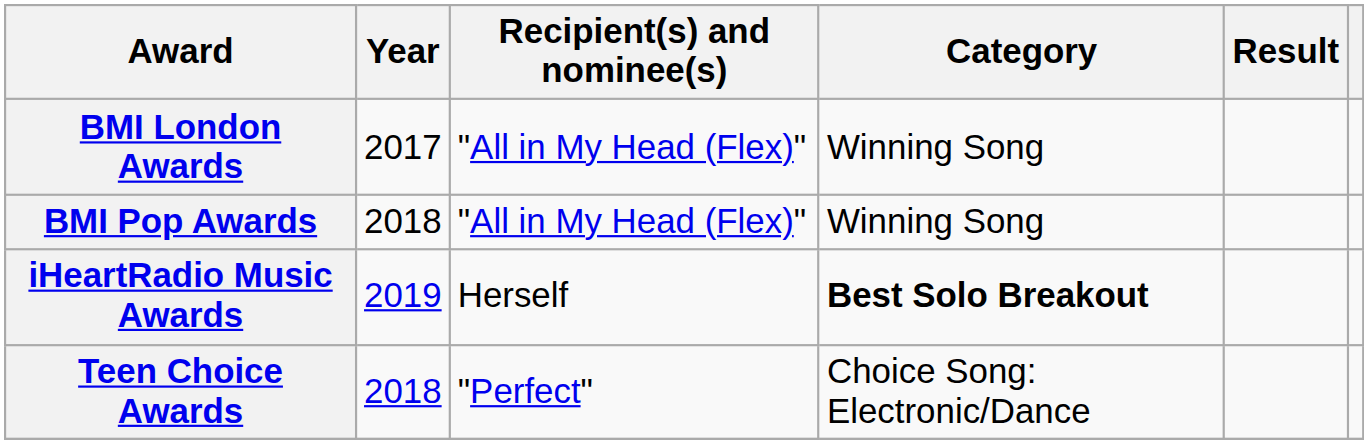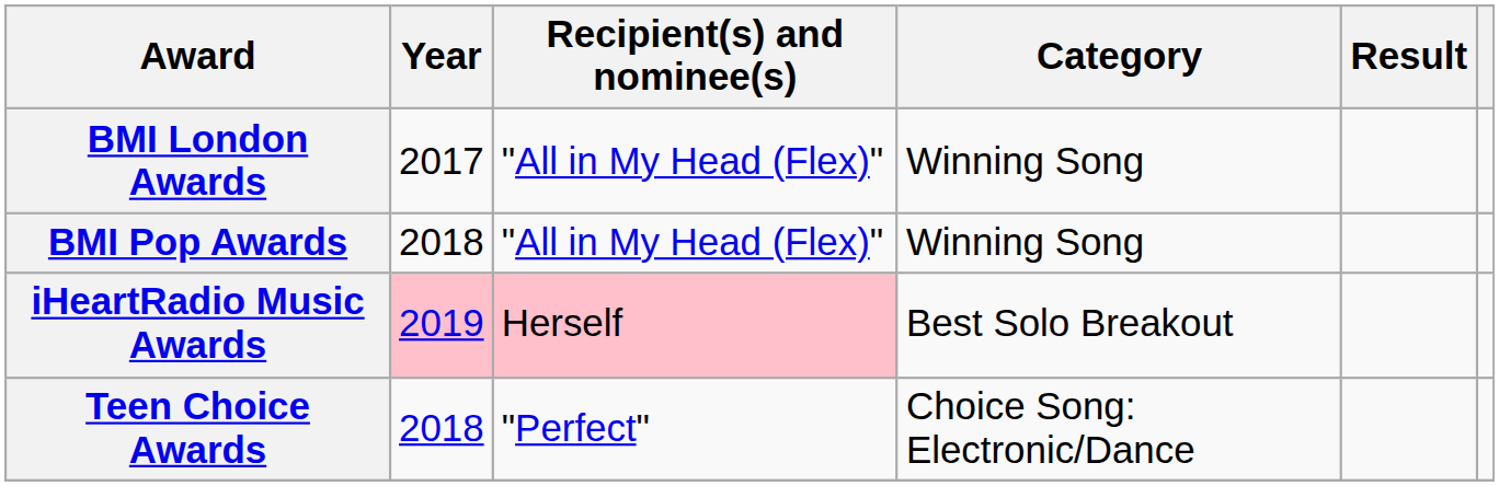 <table class="wikitable sortable plainrowheaders" style="width: 100%;">
 <tr>
 <th scope="col">Award</th>
 <th scope="col">Year</th>
 <th scope="col">Recipient(s) and nominee(s)</th>
 <th scope="col">Category</th>
 <th scope="col">Result</th>
 <th scope="col" class="unsortable"></th>
 </tr>
 <tr>
 <th scope="row"><a href='#'>BMI London Awards</a></th>
 <td>2017</td>
 <td>"<a href='#'>All in My Head (Flex)</a>"</td>
 <td>Winning Song</td>
 <td></td>
 <td style="text-align:center;"></td>
 </tr>
 <tr>
 <th scope="row"><a href='#'>BMI Pop Awards</a></th>
 <td>2018</td>
 <td>"<a href='#'>All in My Head (Flex)</a>"</td>
 <td>Winning Song</td>
 <td></td>
 <td style="text-align:center;"></td>
 </tr>
 <tr>
 <th scope="row"><a href='#'>iHeartRadio Music Awards</a></th>
-<td><a href='#'>2019</a></td>
-<td>Herself</td>
-<td><strong>Best Solo Breakout</strong></td>
+<td style="background: pink;"><a href='#'>2019</a></td>
+<td style="background: pink;">Herself</td>
+<td>Best Solo Breakout</td>
 <td></td>
 <td style="text-align:center;"></td>
 </tr>
 <tr>
 <th scope="row"><a href='#'>Teen Choice Awards</a></th>
 <td><a href='#'>2018</a></td>
 <td>"<a href='#'>Perfect</a>" </td>
 <td>Choice Song: Electronic/Dance</td>
 <td></td>
 <td style="text-align:center;"></td>
 </tr>
 <tr>
 </tr>
 </table>
